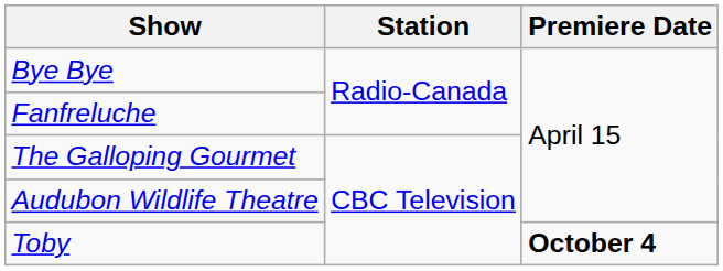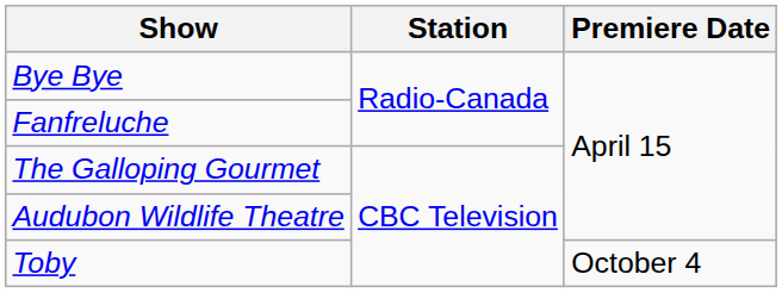 <table class="wikitable">
 <tr>
 <th>Show</th>
 <th>Station</th>
 <th>Premiere Date</th>
 </tr>
 <tr>
 <td><em><a href='#'>Bye Bye</a></em></td>
 <td rowspan="2"><a href='#'>Radio-Canada</a></td>
 <td rowspan="4">April 15</td>
 </tr>
 <tr>
 <td><em><a href='#'>Fanfreluche</a></em></td>
 </tr>
 <tr>
 <td><em><a href='#'>The Galloping Gourmet</a></em></td>
 <td rowspan="3"><a href='#'>CBC Television</a></td>
 </tr>
 <tr>
 <td><em><a href='#'>Audubon Wildlife Theatre</a></em></td>
 </tr>
 <tr>
 <td><em><a href='#'>Toby</a></em></td>
-<td><strong>October 4</strong></td>
+<td>October 4</td>
 </tr>
 </table>
